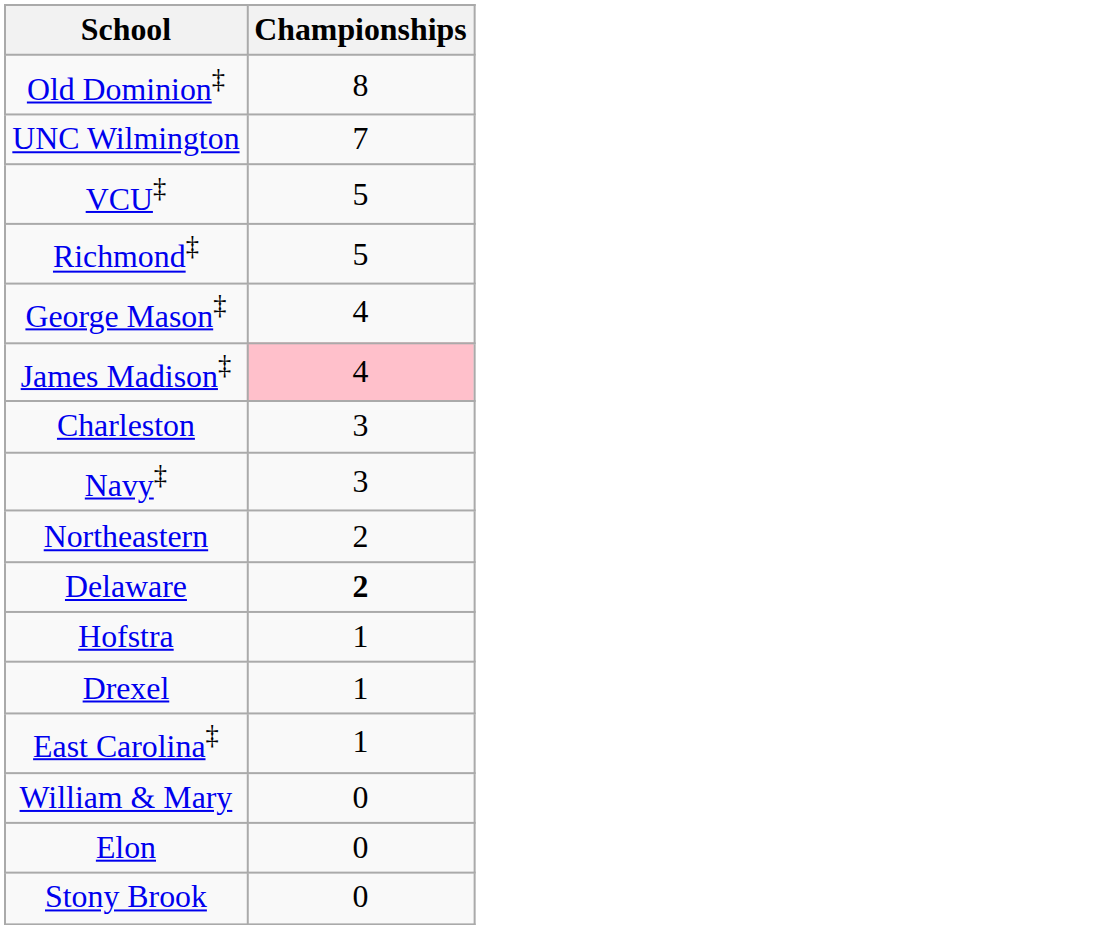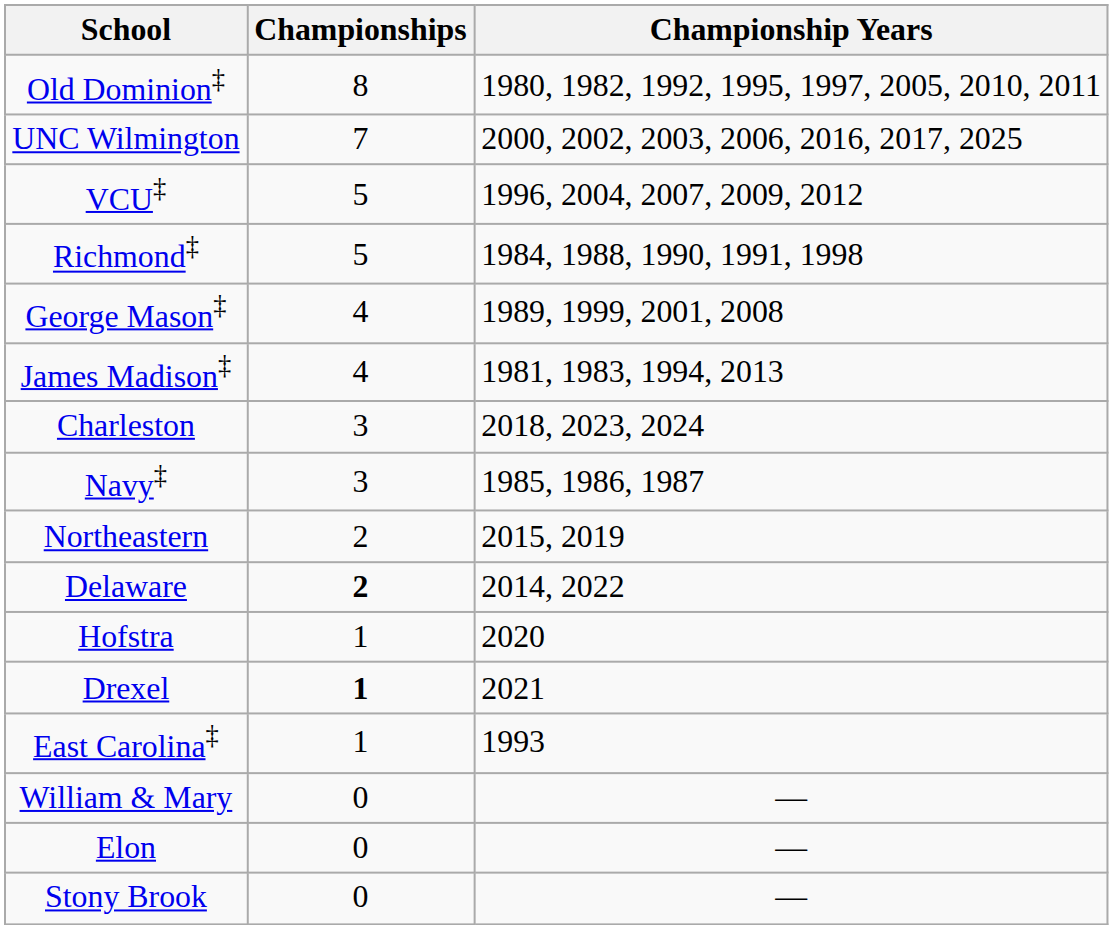 <table class="wikitable sortable" style="text-align:center">
 <tr>
 <th width=px>School</th>
 <th width=px>Championships</th>
+<th width=px>Championship Years</th>
 </tr>
 <tr>
 <td><a href='#'>Old Dominion</a><sup>‡</sup></td>
 <td>8</td>
+<td align=left>1980, 1982, 1992, 1995, 1997, 2005, 2010, 2011</td>
 </tr>
 <tr>
 <td><a href='#'>UNC Wilmington</a></td>
 <td>7</td>
+<td align=left>2000, 2002, 2003, 2006, 2016, 2017, 2025</td>
 </tr>
 <tr>
 <td><a href='#'>VCU</a><sup>‡</sup></td>
 <td>5</td>
+<td align=left>1996, 2004, 2007, 2009, 2012</td>
 </tr>
 <tr>
 <td><a href='#'>Richmond</a><sup>‡</sup></td>
 <td>5</td>
+<td align=left>1984, 1988, 1990, 1991, 1998</td>
 </tr>
 <tr>
 <td><a href='#'>George Mason</a><sup>‡</sup></td>
 <td>4</td>
+<td align=left>1989, 1999, 2001, 2008</td>
 </tr>
 <tr>
 <td><a href='#'>James Madison</a><sup>‡</sup></td>
-<td style="background: pink;">4</td>
+<td>4</td>
+<td align=left>1981, 1983, 1994, 2013</td>
 </tr>
 <tr>
 <td><a href='#'>Charleston</a></td>
 <td>3</td>
+<td align=left>2018, 2023, 2024</td>
 </tr>
 <tr>
 <td><a href='#'>Navy</a><sup>‡</sup></td>
 <td>3</td>
+<td align=left>1985, 1986, 1987</td>
 </tr>
 <tr>
 <td><a href='#'>Northeastern</a></td>
 <td>2</td>
+<td align=left>2015, 2019</td>
 </tr>
 <tr>
 <td><a href='#'>Delaware</a></td>
 <td><strong>2</strong></td>
+<td align=left>2014, 2022</td>
 </tr>
 <tr>
 <td><a href='#'>Hofstra</a></td>
 <td>1</td>
+<td align=left>2020</td>
 </tr>
 <tr>
 <td><a href='#'>Drexel</a></td>
-<td>1</td>
+<td><strong>1</strong></td>
+<td align=left>2021</td>
 </tr>
 <tr>
 <td><a href='#'>East Carolina</a><sup>‡</sup></td>
 <td>1</td>
+<td align=left>1993</td>
 </tr>
 <tr>
 <td><a href='#'>William & Mary</a></td>
 <td>0</td>
+<td align=center>—</td>
 </tr>
 <tr>
 <td><a href='#'>Elon</a></td>
 <td>0</td>
+<td align=center>—</td>
 </tr>
 <tr>
 <td><a href='#'>Stony Brook</a></td>
 <td>0</td>
+<td align=center>—</td>
 </tr>
 </table>
